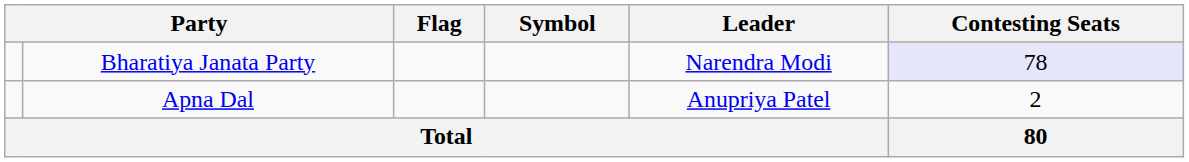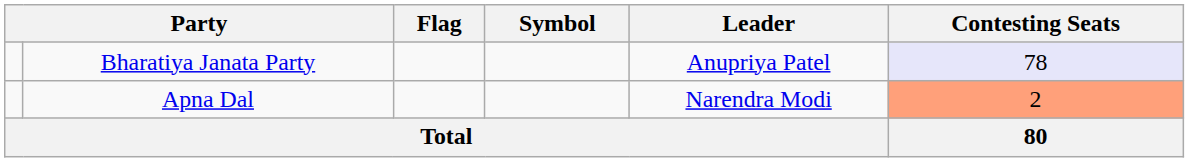 <table class="wikitable" width="50%" style="text-align:center">
 <tr>
 <th colspan="2">Party</th>
 <th>Flag</th>
 <th>Symbol</th>
 <th>Leader</th>
 <th>Contesting Seats</th>
 </tr>
 <tr>
 <td></td>
 <td><a href='#'>Bharatiya Janata Party</a></td>
 <td></td>
 <td></td>
-<td><a href='#'>Narendra Modi</a></td>
+<td><a href='#'>Anupriya Patel</a></td>
 <td style="background: lavender;">78</td>
 </tr>
 <tr>
 <td></td>
 <td><a href='#'>Apna Dal</a></td>
 <td></td>
 <td></td>
-<td><a href='#'>Anupriya Patel</a></td>
-<td>2</td>
+<td><a href='#'>Narendra Modi</a></td>
+<td style="background: lightsalmon;">2</td>
 </tr>
 <tr>
 <th colspan="5">Total</th>
 <th colspan="2">80</th>
 </tr>
 </table>
